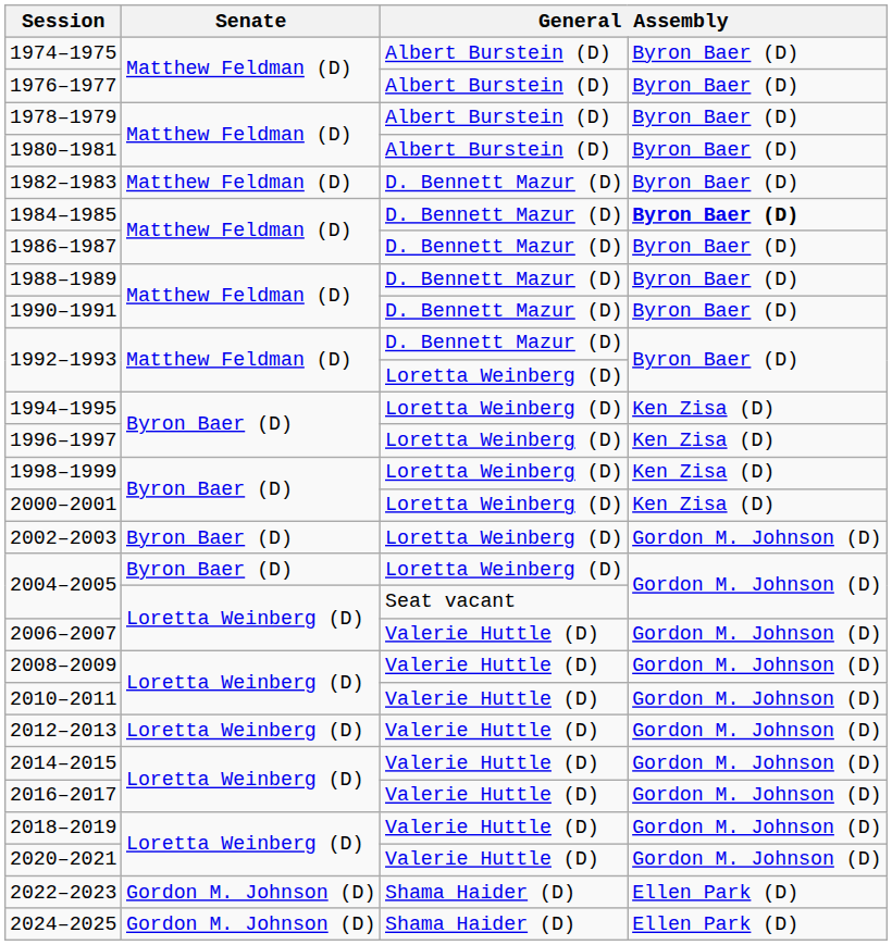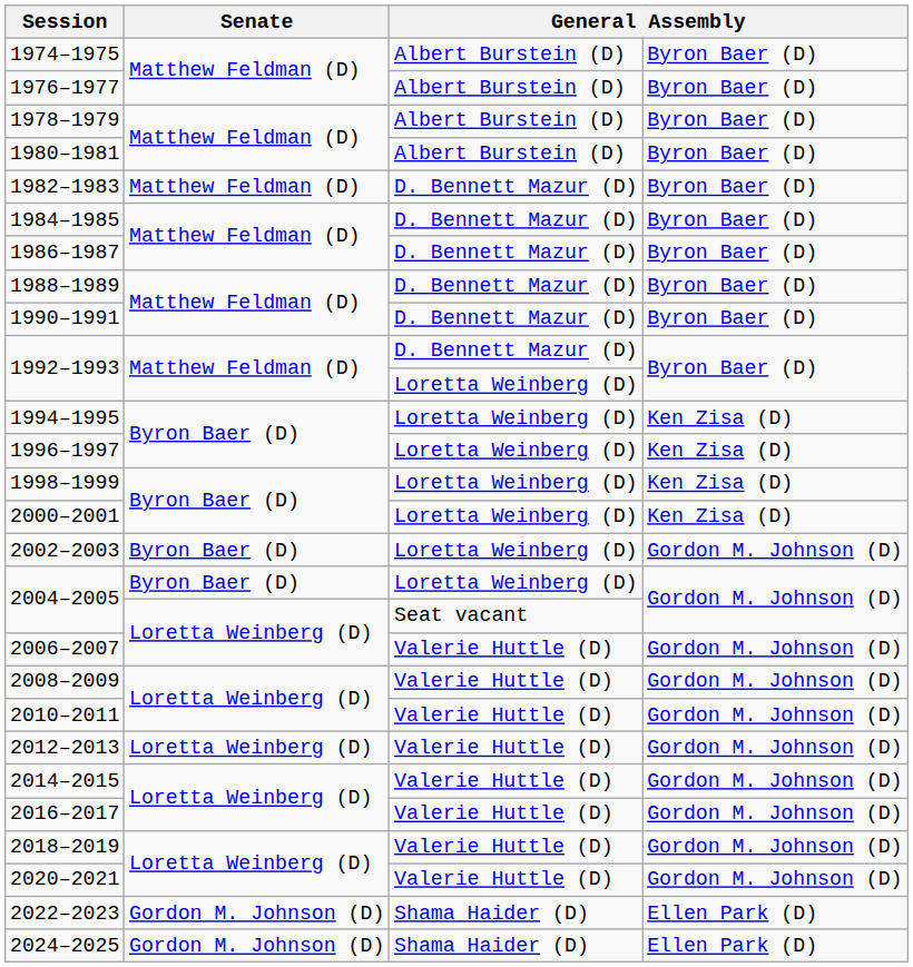 <table class="wikitable">
 <tr>
 <th>Session</th>
 <th>Senate</th>
 <th colspan=2>General Assembly</th>
 </tr>
 <tr>
 <td>1974–1975</td>
 <td rowspan=2 ><a href='#'>Matthew Feldman</a> (D)</td>
 <td><a href='#'>Albert Burstein</a> (D)</td>
 <td><a href='#'>Byron Baer</a> (D)</td>
 </tr>
 <tr>
 <td>1976–1977</td>
 <td><a href='#'>Albert Burstein</a> (D)</td>
 <td><a href='#'>Byron Baer</a> (D)</td>
 </tr>
 <tr>
 <td>1978–1979</td>
 <td rowspan=2 ><a href='#'>Matthew Feldman</a> (D)</td>
 <td><a href='#'>Albert Burstein</a> (D)</td>
 <td><a href='#'>Byron Baer</a> (D)</td>
 </tr>
 <tr>
 <td>1980–1981</td>
 <td><a href='#'>Albert Burstein</a> (D)</td>
 <td><a href='#'>Byron Baer</a> (D)</td>
 </tr>
 <tr>
 <td>1982–1983</td>
 <td><a href='#'>Matthew Feldman</a> (D)</td>
 <td><a href='#'>D. Bennett Mazur</a> (D)</td>
 <td><a href='#'>Byron Baer</a> (D)</td>
 </tr>
 <tr>
 <td>1984–1985</td>
 <td rowspan=2 ><a href='#'>Matthew Feldman</a> (D)</td>
 <td><a href='#'>D. Bennett Mazur</a> (D)</td>
-<td><strong><a href='#'>Byron Baer</a> (D)</strong></td>
+<td><a href='#'>Byron Baer</a> (D)</td>
 </tr>
 <tr>
 <td>1986–1987</td>
 <td><a href='#'>D. Bennett Mazur</a> (D)</td>
 <td><a href='#'>Byron Baer</a> (D)</td>
 </tr>
 <tr>
 <td>1988–1989</td>
 <td rowspan=2 ><a href='#'>Matthew Feldman</a> (D)</td>
 <td><a href='#'>D. Bennett Mazur</a> (D)</td>
 <td><a href='#'>Byron Baer</a> (D)</td>
 </tr>
 <tr>
 <td>1990–1991</td>
 <td><a href='#'>D. Bennett Mazur</a> (D)</td>
 <td><a href='#'>Byron Baer</a> (D)</td>
 </tr>
 <tr>
 <td rowspan=2>1992–1993</td>
 <td rowspan=2 ><a href='#'>Matthew Feldman</a> (D)</td>
 <td><a href='#'>D. Bennett Mazur</a> (D)</td>
 <td rowspan=2 ><a href='#'>Byron Baer</a> (D)</td>
 </tr>
 <tr>
 <td><a href='#'>Loretta Weinberg</a> (D)</td>
 </tr>
 <tr>
 <td>1994–1995</td>
 <td rowspan=2 ><a href='#'>Byron Baer</a> (D)</td>
 <td><a href='#'>Loretta Weinberg</a> (D)</td>
 <td><a href='#'>Ken Zisa</a> (D)</td>
 </tr>
 <tr>
 <td>1996–1997</td>
 <td><a href='#'>Loretta Weinberg</a> (D)</td>
 <td><a href='#'>Ken Zisa</a> (D)</td>
 </tr>
 <tr>
 <td>1998–1999</td>
 <td rowspan=2 ><a href='#'>Byron Baer</a> (D)</td>
 <td><a href='#'>Loretta Weinberg</a> (D)</td>
 <td><a href='#'>Ken Zisa</a> (D)</td>
 </tr>
 <tr>
 <td>2000–2001</td>
 <td><a href='#'>Loretta Weinberg</a> (D)</td>
 <td><a href='#'>Ken Zisa</a> (D)</td>
 </tr>
 <tr>
 <td>2002–2003</td>
 <td><a href='#'>Byron Baer</a> (D)</td>
 <td><a href='#'>Loretta Weinberg</a> (D)</td>
 <td><a href='#'>Gordon M. Johnson</a> (D)</td>
 </tr>
 <tr>
 <td rowspan=2>2004–2005</td>
 <td><a href='#'>Byron Baer</a> (D)</td>
 <td><a href='#'>Loretta Weinberg</a> (D)</td>
 <td rowspan=2 ><a href='#'>Gordon M. Johnson</a> (D)</td>
 </tr>
 <tr>
 <td rowspan=2 ><a href='#'>Loretta Weinberg</a> (D)</td>
 <td>Seat vacant</td>
 </tr>
 <tr>
 <td>2006–2007</td>
 <td><a href='#'>Valerie Huttle</a> (D)</td>
 <td><a href='#'>Gordon M. Johnson</a> (D)</td>
 </tr>
 <tr>
 <td>2008–2009</td>
 <td rowspan=2 ><a href='#'>Loretta Weinberg</a> (D)</td>
 <td><a href='#'>Valerie Huttle</a> (D)</td>
 <td><a href='#'>Gordon M. Johnson</a> (D)</td>
 </tr>
 <tr>
 <td>2010–2011</td>
 <td><a href='#'>Valerie Huttle</a> (D)</td>
 <td><a href='#'>Gordon M. Johnson</a> (D)</td>
 </tr>
 <tr>
 <td>2012–2013</td>
 <td><a href='#'>Loretta Weinberg</a> (D)</td>
 <td><a href='#'>Valerie Huttle</a> (D)</td>
 <td><a href='#'>Gordon M. Johnson</a> (D)</td>
 </tr>
 <tr>
 <td>2014–2015</td>
 <td rowspan=2 ><a href='#'>Loretta Weinberg</a> (D)</td>
 <td><a href='#'>Valerie Huttle</a> (D)</td>
 <td><a href='#'>Gordon M. Johnson</a> (D)</td>
 </tr>
 <tr>
 <td>2016–2017</td>
 <td><a href='#'>Valerie Huttle</a> (D)</td>
 <td><a href='#'>Gordon M. Johnson</a> (D)</td>
 </tr>
 <tr>
 <td>2018–2019</td>
 <td rowspan=2 ><a href='#'>Loretta Weinberg</a> (D)</td>
 <td><a href='#'>Valerie Huttle</a> (D)</td>
 <td><a href='#'>Gordon M. Johnson</a> (D)</td>
 </tr>
 <tr>
 <td>2020–2021</td>
 <td><a href='#'>Valerie Huttle</a> (D)</td>
 <td><a href='#'>Gordon M. Johnson</a> (D)</td>
 </tr>
 <tr>
 <td>2022–2023</td>
 <td><a href='#'>Gordon M. Johnson</a> (D)</td>
 <td><a href='#'>Shama Haider</a> (D)</td>
 <td><a href='#'>Ellen Park</a> (D)</td>
 </tr>
 <tr>
 <td>2024–2025</td>
 <td rowspan=1 ><a href='#'>Gordon M. Johnson</a> (D)</td>
 <td><a href='#'>Shama Haider</a> (D)</td>
 <td><a href='#'>Ellen Park</a> (D)</td>
 </tr>
 </table>
